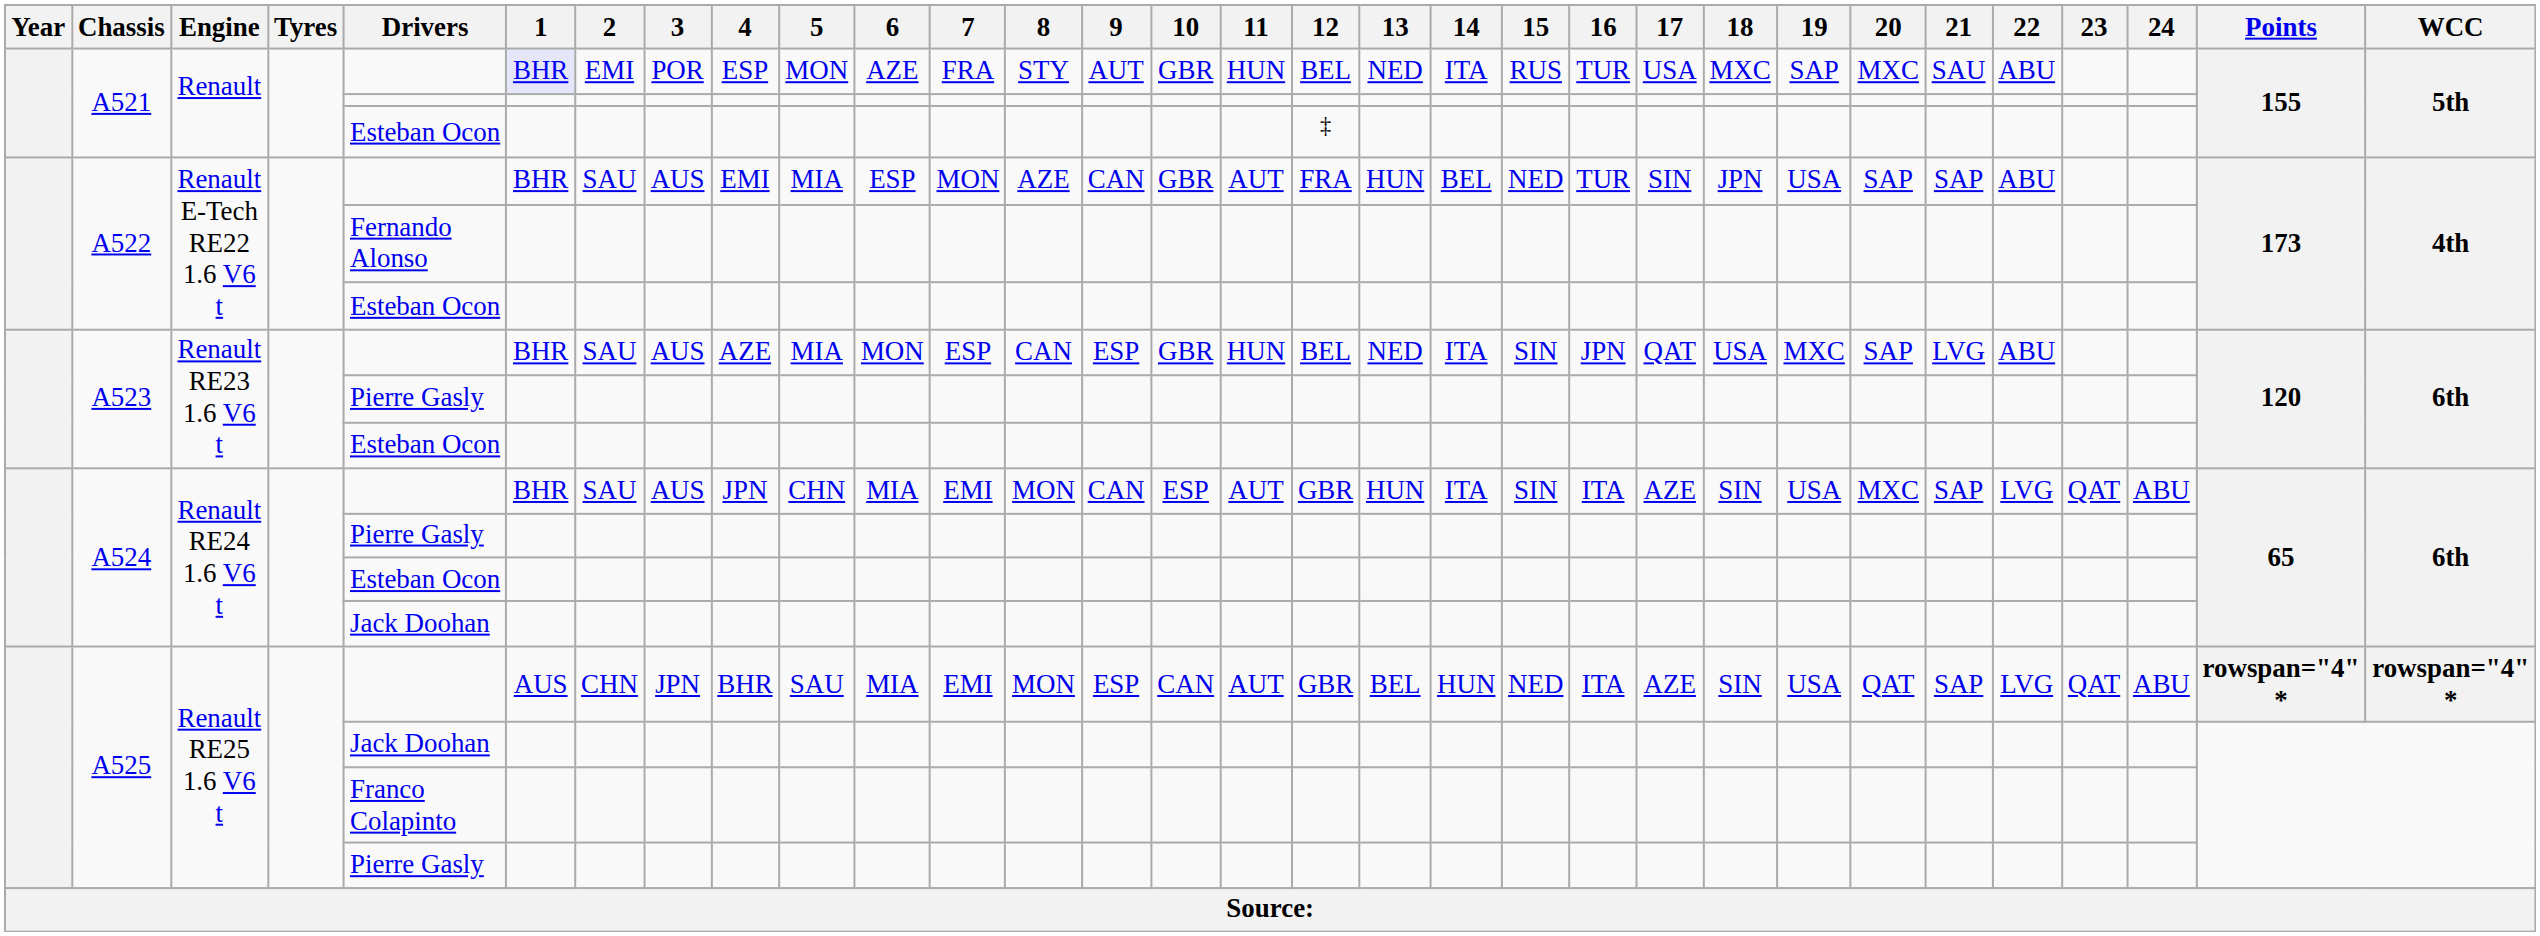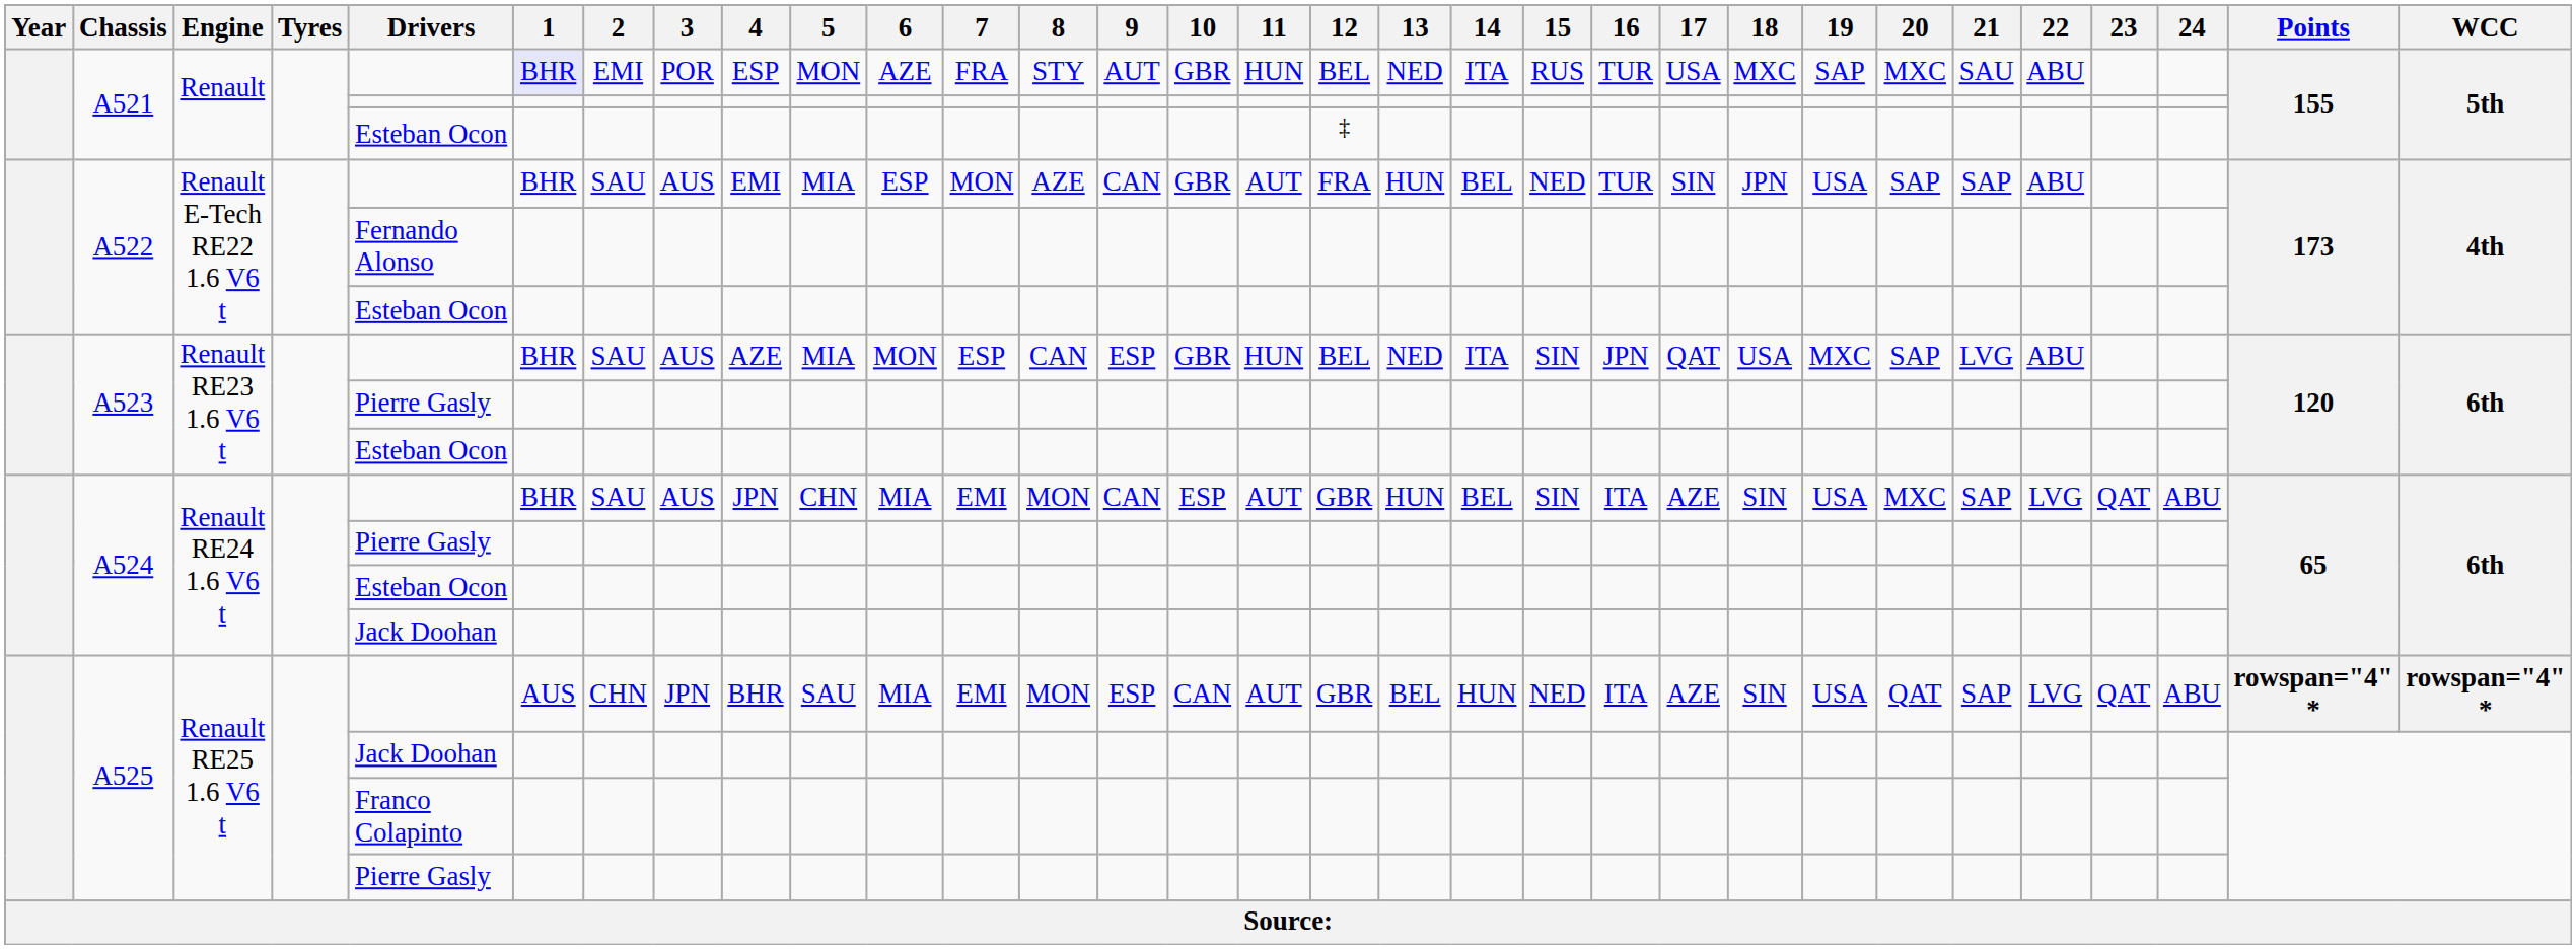 <table class="wikitable" style="text-align:center; font-size:85%">
 <tr>
 <th>Year</th>
 <th>Chassis</th>
 <th>Engine</th>
 <th>Tyres</th>
 <th>Drivers</th>
 <th>1</th>
 <th>2</th>
 <th>3</th>
 <th>4</th>
 <th>5</th>
 <th>6</th>
 <th>7</th>
 <th>8</th>
 <th>9</th>
 <th>10</th>
 <th>11</th>
 <th>12</th>
 <th>13</th>
 <th>14</th>
 <th>15</th>
 <th>16</th>
 <th>17</th>
 <th>18</th>
 <th>19</th>
 <th>20</th>
 <th>21</th>
 <th>22</th>
 <th>23</th>
 <th>24</th>
 <th><a href='#'>Points</a></th>
 <th>WCC</th>
 </tr>
 <tr>
 <th rowspan="3"></th>
 <td rowspan="3"><a href='#'>A521</a></td>
 <td rowspan="3"><a href='#'>Renault</a><br><br></td>
 <td rowspan="3"></td>
 <td></td>
 <td style="background: lavender;"><a href='#'>BHR</a></td>
 <td><a href='#'>EMI</a></td>
 <td><a href='#'>POR</a></td>
 <td><a href='#'>ESP</a></td>
 <td><a href='#'>MON</a></td>
 <td><a href='#'>AZE</a></td>
 <td><a href='#'>FRA</a></td>
 <td><a href='#'>STY</a></td>
 <td><a href='#'>AUT</a></td>
 <td><a href='#'>GBR</a></td>
 <td><a href='#'>HUN</a></td>
 <td><a href='#'>BEL</a></td>
 <td><a href='#'>NED</a></td>
 <td><a href='#'>ITA</a></td>
 <td><a href='#'>RUS</a></td>
 <td><a href='#'>TUR</a></td>
 <td><a href='#'>USA</a></td>
 <td><a href='#'>MXC</a></td>
 <td><a href='#'>SAP</a></td>
 <td><a href='#'>MXC</a></td>
 <td><a href='#'>SAU</a></td>
 <td><a href='#'>ABU</a></td>
 <td></td>
 <td></td>
 <th rowspan="3">155</th>
 <th rowspan="3">5th</th>
 </tr>
 <tr>
 <td align="left"></td>
 <td></td>
 <td></td>
 <td></td>
 <td></td>
 <td></td>
 <td></td>
 <td></td>
 <td></td>
 <td></td>
 <td></td>
 <td></td>
 <td></td>
 <td></td>
 <td></td>
 <td></td>
 <td></td>
 <td></td>
 <td></td>
 <td></td>
 <td></td>
 <td></td>
 <td></td>
 <td></td>
 <td></td>
 </tr>
 <tr>
 <td align="left"> <a href='#'>Esteban Ocon</a></td>
 <td></td>
 <td></td>
 <td></td>
 <td></td>
 <td></td>
 <td></td>
 <td></td>
 <td></td>
 <td></td>
 <td></td>
 <td></td>
 <td><sup>‡</sup></td>
 <td></td>
 <td></td>
 <td></td>
 <td></td>
 <td></td>
 <td></td>
 <td></td>
 <td></td>
 <td></td>
 <td></td>
 <td></td>
 <td></td>
 </tr>
 <tr>
 <th rowspan="3"></th>
 <td rowspan="3"><a href='#'>A522</a></td>
 <td rowspan="3"><a href='#'>Renault</a><br>E-Tech RE22<br>1.6 <a href='#'>V6</a> <a href='#'>t</a></td>
 <td rowspan="3"></td>
 <td></td>
 <td><a href='#'>BHR</a></td>
 <td><a href='#'>SAU</a></td>
 <td><a href='#'>AUS</a></td>
 <td><a href='#'>EMI</a></td>
 <td><a href='#'>MIA</a></td>
 <td><a href='#'>ESP</a></td>
 <td><a href='#'>MON</a></td>
 <td><a href='#'>AZE</a></td>
 <td><a href='#'>CAN</a></td>
 <td><a href='#'>GBR</a></td>
 <td><a href='#'>AUT</a></td>
 <td><a href='#'>FRA</a></td>
 <td><a href='#'>HUN</a></td>
 <td><a href='#'>BEL</a></td>
 <td><a href='#'>NED</a></td>
 <td><a href='#'>TUR</a></td>
 <td><a href='#'>SIN</a></td>
 <td><a href='#'>JPN</a></td>
 <td><a href='#'>USA</a></td>
 <td><a href='#'>SAP</a></td>
 <td><a href='#'>SAP</a></td>
 <td><a href='#'>ABU</a></td>
 <td></td>
 <td></td>
 <th rowspan="3">173</th>
 <th rowspan="3">4th</th>
 </tr>
 <tr>
 <td align="left"> <a href='#'>Fernando Alonso</a></td>
 <td></td>
 <td></td>
 <td></td>
 <td></td>
 <td></td>
 <td></td>
 <td></td>
 <td></td>
 <td></td>
 <td></td>
 <td></td>
 <td></td>
 <td></td>
 <td></td>
 <td></td>
 <td></td>
 <td></td>
 <td></td>
 <td></td>
 <td></td>
 <td></td>
 <td></td>
 <td></td>
 <td></td>
 </tr>
 <tr>
 <td nowrap align="left"> <a href='#'>Esteban Ocon</a></td>
 <td></td>
 <td></td>
 <td></td>
 <td></td>
 <td></td>
 <td></td>
 <td></td>
 <td></td>
 <td></td>
 <td></td>
 <td></td>
 <td></td>
 <td></td>
 <td></td>
 <td></td>
 <td></td>
 <td></td>
 <td></td>
 <td></td>
 <td></td>
 <td></td>
 <td></td>
 <td></td>
 <td></td>
 </tr>
 <tr>
 <th rowspan="3"></th>
 <td rowspan="3"><a href='#'>A523</a></td>
 <td rowspan="3"><a href='#'>Renault</a>  RE23 1.6 <a href='#'>V6</a> <a href='#'>t</a></td>
 <td rowspan="3"></td>
 <td></td>
 <td><a href='#'>BHR</a></td>
 <td><a href='#'>SAU</a></td>
 <td><a href='#'>AUS</a></td>
 <td><a href='#'>AZE</a></td>
 <td><a href='#'>MIA</a></td>
 <td><a href='#'>MON</a></td>
 <td><a href='#'>ESP</a></td>
 <td><a href='#'>CAN</a></td>
 <td><a href='#'>ESP</a></td>
 <td><a href='#'>GBR</a></td>
 <td><a href='#'>HUN</a></td>
 <td><a href='#'>BEL</a></td>
 <td><a href='#'>NED</a></td>
 <td><a href='#'>ITA</a></td>
 <td><a href='#'>SIN</a></td>
 <td><a href='#'>JPN</a></td>
 <td><a href='#'>QAT</a></td>
 <td><a href='#'>USA</a></td>
 <td><a href='#'>MXC</a></td>
 <td><a href='#'>SAP</a></td>
 <td><a href='#'>LVG</a></td>
 <td><a href='#'>ABU</a></td>
 <td></td>
 <td></td>
 <th rowspan="3">120</th>
 <th rowspan="3">6th</th>
 </tr>
 <tr>
 <td align="left"> <a href='#'>Pierre Gasly</a></td>
 <td></td>
 <td></td>
 <td></td>
 <td></td>
 <td></td>
 <td></td>
 <td></td>
 <td></td>
 <td></td>
 <td></td>
 <td></td>
 <td></td>
 <td></td>
 <td></td>
 <td></td>
 <td></td>
 <td></td>
 <td></td>
 <td></td>
 <td></td>
 <td></td>
 <td></td>
 <td></td>
 <td></td>
 </tr>
 <tr>
 <td align=left> <a href='#'>Esteban Ocon</a></td>
 <td></td>
 <td></td>
 <td></td>
 <td></td>
 <td></td>
 <td></td>
 <td></td>
 <td></td>
 <td></td>
 <td></td>
 <td></td>
 <td></td>
 <td></td>
 <td></td>
 <td></td>
 <td></td>
 <td></td>
 <td></td>
 <td></td>
 <td></td>
 <td></td>
 <td></td>
 <td></td>
 <td></td>
 </tr>
 <tr>
 <th rowspan="4"></th>
 <td rowspan="4"><a href='#'>A524</a></td>
 <td rowspan="4"><a href='#'>Renault</a>  RE24 1.6 <a href='#'>V6</a> <a href='#'>t</a></td>
 <td rowspan="4"></td>
 <td></td>
 <td><a href='#'>BHR</a></td>
 <td><a href='#'>SAU</a></td>
 <td><a href='#'>AUS</a></td>
 <td><a href='#'>JPN</a></td>
 <td><a href='#'>CHN</a></td>
 <td><a href='#'>MIA</a></td>
 <td><a href='#'>EMI</a></td>
 <td><a href='#'>MON</a></td>
 <td><a href='#'>CAN</a></td>
 <td><a href='#'>ESP</a></td>
 <td><a href='#'>AUT</a></td>
 <td><a href='#'>GBR</a></td>
 <td><a href='#'>HUN</a></td>
-<td><a href='#'>ITA</a></td>
+<td><a href='#'>BEL</a></td>
 <td><a href='#'>SIN</a></td>
 <td><a href='#'>ITA</a></td>
 <td><a href='#'>AZE</a></td>
 <td><a href='#'>SIN</a></td>
 <td><a href='#'>USA</a></td>
 <td><a href='#'>MXC</a></td>
 <td><a href='#'>SAP</a></td>
 <td><a href='#'>LVG</a></td>
 <td><a href='#'>QAT</a></td>
 <td><a href='#'>ABU</a></td>
 <th rowspan="4">65</th>
 <th rowspan="4">6th</th>
 </tr>
 <tr>
 <td align="left"> <a href='#'>Pierre Gasly</a></td>
 <td></td>
 <td></td>
 <td></td>
 <td></td>
 <td></td>
 <td></td>
 <td></td>
 <td></td>
 <td></td>
 <td></td>
 <td></td>
 <td></td>
 <td></td>
 <td></td>
 <td></td>
 <td></td>
 <td></td>
 <td></td>
 <td></td>
 <td></td>
 <td></td>
 <td></td>
 <td></td>
 <td></td>
 </tr>
 <tr>
 <td align=left> <a href='#'>Esteban Ocon</a></td>
 <td></td>
 <td></td>
 <td></td>
 <td></td>
 <td></td>
 <td></td>
 <td></td>
 <td></td>
 <td></td>
 <td></td>
 <td></td>
 <td></td>
 <td></td>
 <td></td>
 <td></td>
 <td></td>
 <td></td>
 <td></td>
 <td></td>
 <td></td>
 <td></td>
 <td></td>
 <td></td>
 <td></td>
 </tr>
 <tr>
 <td align=left> <a href='#'>Jack Doohan</a></td>
 <td></td>
 <td></td>
 <td></td>
 <td></td>
 <td></td>
 <td></td>
 <td></td>
 <td></td>
 <td></td>
 <td></td>
 <td></td>
 <td></td>
 <td></td>
 <td></td>
 <td></td>
 <td></td>
 <td></td>
 <td></td>
 <td></td>
 <td></td>
 <td></td>
 <td></td>
 <td></td>
 <td></td>
 </tr>
 <tr>
 <th rowspan="4"></th>
 <td rowspan="4"><a href='#'>A525</a></td>
 <td rowspan="4"><a href='#'>Renault</a>  RE25 1.6 <a href='#'>V6</a> <a href='#'>t</a></td>
 <td rowspan="4"></td>
 <td></td>
 <td><a href='#'>AUS</a></td>
 <td><a href='#'>CHN</a></td>
 <td><a href='#'>JPN</a></td>
 <td><a href='#'>BHR</a></td>
 <td><a href='#'>SAU</a></td>
 <td><a href='#'>MIA</a></td>
 <td><a href='#'>EMI</a></td>
 <td><a href='#'>MON</a></td>
 <td><a href='#'>ESP</a></td>
 <td><a href='#'>CAN</a></td>
 <td><a href='#'>AUT</a></td>
 <td><a href='#'>GBR</a></td>
 <td><a href='#'>BEL</a></td>
 <td><a href='#'>HUN</a></td>
 <td><a href='#'>NED</a></td>
 <td><a href='#'>ITA</a></td>
 <td><a href='#'>AZE</a></td>
 <td><a href='#'>SIN</a></td>
 <td><a href='#'>USA</a></td>
 <td><a href='#'>QAT</a></td>
 <td><a href='#'>SAP</a></td>
 <td><a href='#'>LVG</a></td>
 <td><a href='#'>QAT</a></td>
 <td><a href='#'>ABU</a></td>
 <th>rowspan="4" *</th>
 <th>rowspan="4" *</th>
 </tr>
 <tr>
 <td align=left> <a href='#'>Jack Doohan</a></td>
 <td></td>
 <td></td>
 <td></td>
 <td></td>
 <td></td>
 <td></td>
 <td></td>
 <td></td>
 <td></td>
 <td></td>
 <td></td>
 <td></td>
 <td></td>
 <td></td>
 <td></td>
 <td></td>
 <td></td>
 <td></td>
 <td></td>
 <td></td>
 <td></td>
 <td></td>
 <td></td>
 <td></td>
 </tr>
 <tr>
 <td align=left> <a href='#'>Franco Colapinto</a></td>
 <td></td>
 <td></td>
 <td></td>
 <td></td>
 <td></td>
 <td></td>
 <td></td>
 <td></td>
 <td></td>
 <td></td>
 <td></td>
 <td></td>
 <td></td>
 <td></td>
 <td></td>
 <td></td>
 <td></td>
 <td></td>
 <td></td>
 <td></td>
 <td></td>
 <td></td>
 <td></td>
 <td></td>
 </tr>
 <tr>
 <td align=left> <a href='#'>Pierre Gasly</a></td>
 <td></td>
 <td></td>
 <td></td>
 <td></td>
 <td></td>
 <td></td>
 <td></td>
 <td></td>
 <td></td>
 <td></td>
 <td></td>
 <td></td>
 <td></td>
 <td></td>
 <td></td>
 <td></td>
 <td></td>
 <td></td>
 <td></td>
 <td></td>
 <td></td>
 <td></td>
 <td></td>
 <td></td>
 </tr>
 <tr>
 <th colspan="31">Source:</th>
 </tr>
 </table>
